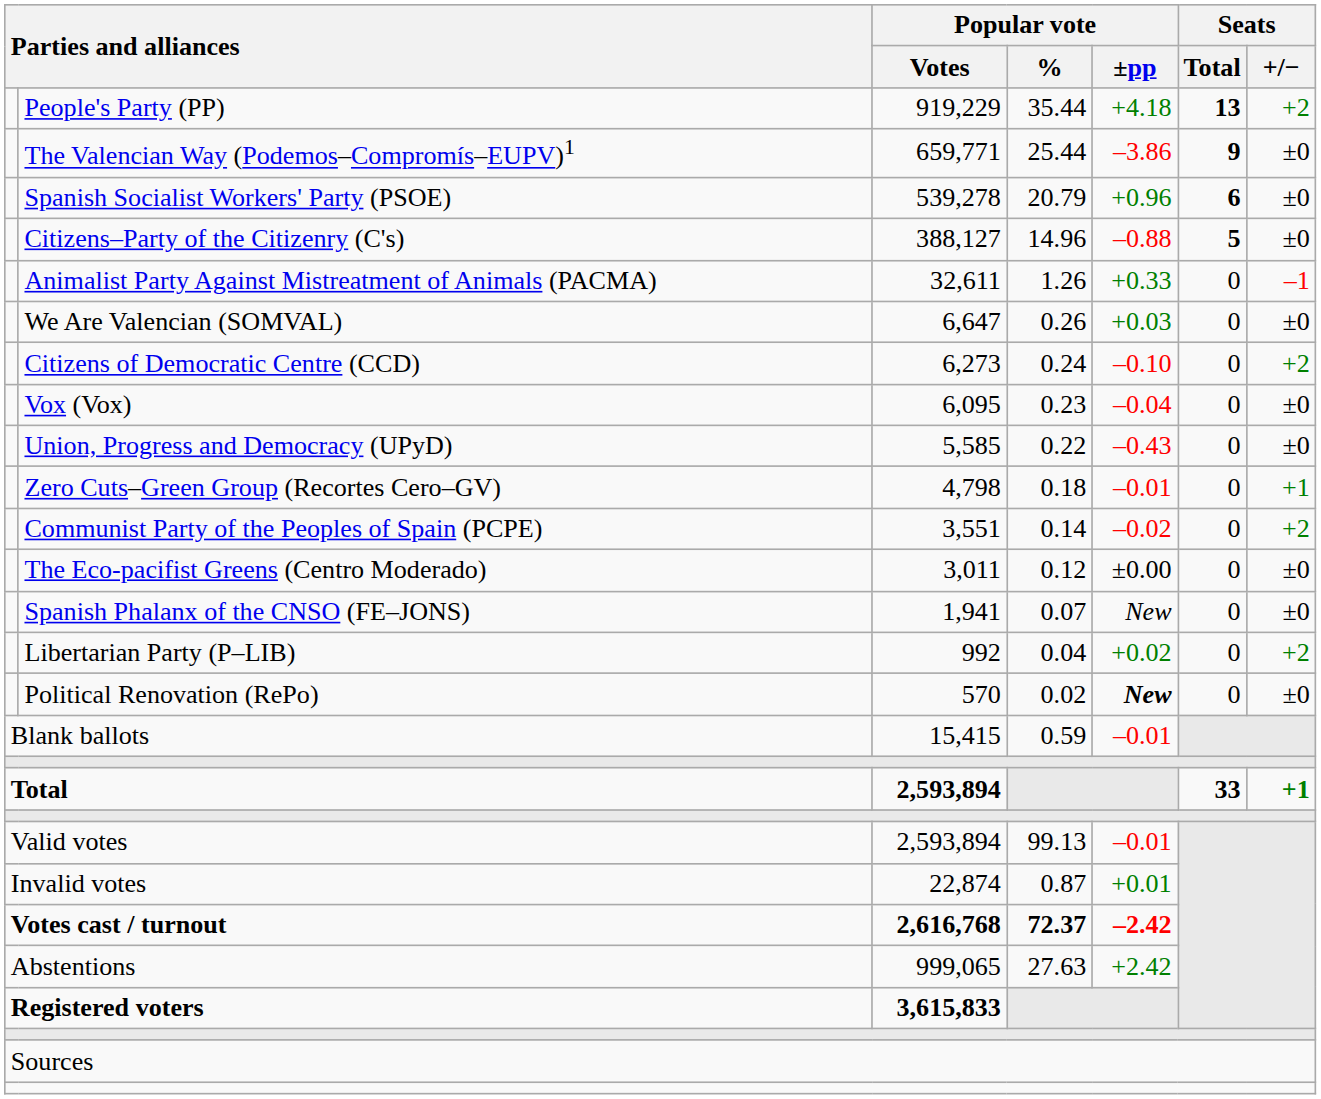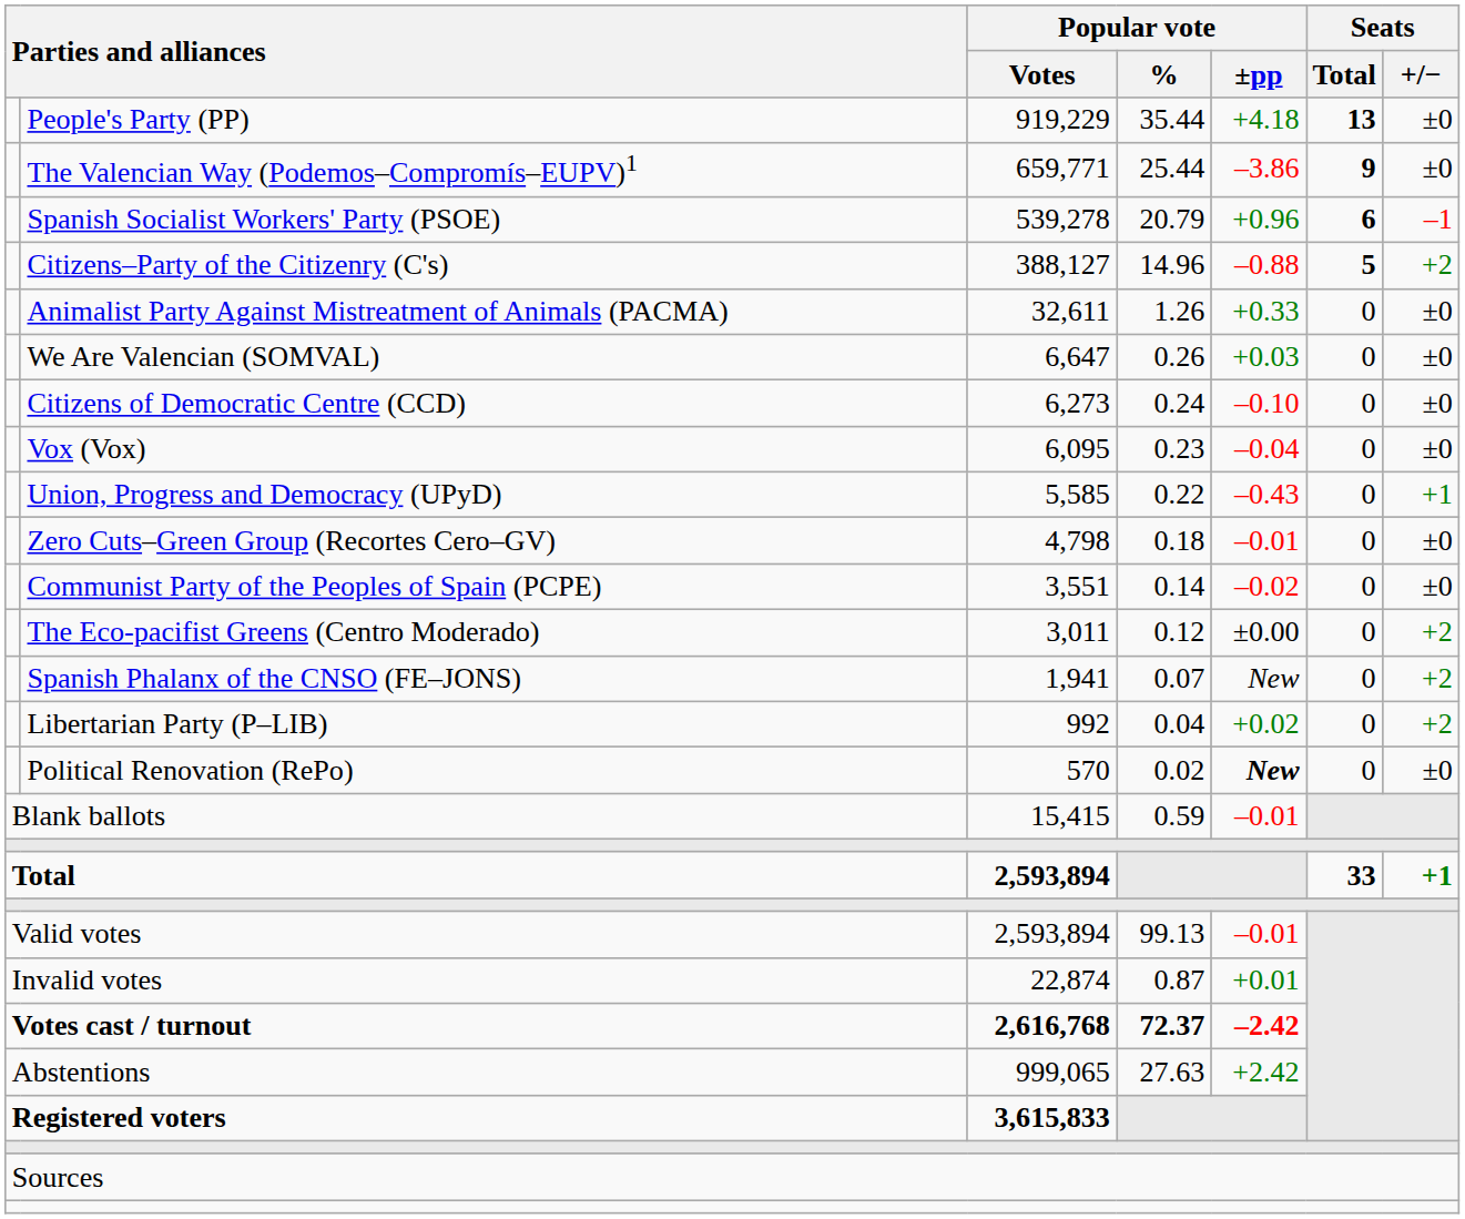 <table class="wikitable" style="text-align:right;">
 <tr>
 <th style="text-align:left;" rowspan="2" colspan="2" width="525">Parties and alliances</th>
 <th colspan="3">Popular vote</th>
 <th colspan="2">Seats</th>
 </tr>
 <tr>
 <th width="75">Votes</th>
 <th width="45">%</th>
 <th width="45">±<a href='#'>pp</a></th>
 <th width="35">Total</th>
 <th width="35">+/−</th>
 </tr>
 <tr>
 <td width="1" style="color:inherit;background:"></td>
 <td align="left"><a href='#'>People's Party</a> (PP)</td>
 <td>919,229</td>
 <td>35.44</td>
 <td style="color:green;">+4.18</td>
 <td><strong>13</strong></td>
-<td style="color:green;">+2</td>
+<td>±0</td>
 </tr>
 <tr>
 <td style="color:inherit;background:"></td>
 <td align="left"><a href='#'>The Valencian Way</a> (<a href='#'>Podemos</a>–<a href='#'>Compromís</a>–<a href='#'>EUPV</a>)<sup>1</sup></td>
 <td>659,771</td>
 <td>25.44</td>
 <td style="color:red;">–3.86</td>
 <td><strong>9</strong></td>
 <td>±0</td>
 </tr>
 <tr>
 <td style="color:inherit;background:"></td>
 <td align="left"><a href='#'>Spanish Socialist Workers' Party</a> (PSOE)</td>
 <td>539,278</td>
 <td>20.79</td>
 <td style="color:green;">+0.96</td>
 <td><strong>6</strong></td>
-<td>±0</td>
+<td style="color:red;">–1</td>
 </tr>
 <tr>
 <td style="color:inherit;background:"></td>
 <td align="left"><a href='#'>Citizens–Party of the Citizenry</a> (C's)</td>
 <td>388,127</td>
 <td>14.96</td>
 <td style="color:red;">–0.88</td>
 <td><strong>5</strong></td>
-<td>±0</td>
+<td style="color:green;">+2</td>
 </tr>
 <tr>
 <td style="color:inherit;background:"></td>
 <td align="left"><a href='#'>Animalist Party Against Mistreatment of Animals</a> (PACMA)</td>
 <td>32,611</td>
 <td>1.26</td>
 <td style="color:green;">+0.33</td>
 <td>0</td>
-<td style="color:red;">–1</td>
+<td>±0</td>
 </tr>
 <tr>
 <td style="color:inherit;background:"></td>
 <td align="left">We Are Valencian (SOMVAL)</td>
 <td>6,647</td>
 <td>0.26</td>
 <td style="color:green;">+0.03</td>
 <td>0</td>
 <td>±0</td>
 </tr>
 <tr>
 <td style="color:inherit;background:"></td>
 <td align="left"><a href='#'>Citizens of Democratic Centre</a> (CCD)</td>
 <td>6,273</td>
 <td>0.24</td>
 <td style="color:red;">–0.10</td>
 <td>0</td>
-<td style="color:green;">+2</td>
+<td>±0</td>
 </tr>
 <tr>
 <td style="color:inherit;background:"></td>
 <td align="left"><a href='#'>Vox</a> (Vox)</td>
 <td>6,095</td>
 <td>0.23</td>
 <td style="color:red;">–0.04</td>
 <td>0</td>
 <td>±0</td>
 </tr>
 <tr>
 <td style="color:inherit;background:"></td>
 <td align="left"><a href='#'>Union, Progress and Democracy</a> (UPyD)</td>
 <td>5,585</td>
 <td>0.22</td>
 <td style="color:red;">–0.43</td>
 <td>0</td>
-<td>±0</td>
+<td style="color:green;">+1</td>
 </tr>
 <tr>
 <td style="color:inherit;background:"></td>
 <td align="left"><a href='#'>Zero Cuts</a>–<a href='#'>Green Group</a> (Recortes Cero–GV)</td>
 <td>4,798</td>
 <td>0.18</td>
 <td style="color:red;">–0.01</td>
 <td>0</td>
-<td style="color:green;">+1</td>
+<td>±0</td>
 </tr>
 <tr>
 <td style="color:inherit;background:"></td>
 <td align="left"><a href='#'>Communist Party of the Peoples of Spain</a> (PCPE)</td>
 <td>3,551</td>
 <td>0.14</td>
 <td style="color:red;">–0.02</td>
 <td>0</td>
-<td style="color:green;">+2</td>
+<td>±0</td>
 </tr>
 <tr>
 <td style="color:inherit;background:"></td>
 <td align="left"><a href='#'>The Eco-pacifist Greens</a> (Centro Moderado)</td>
 <td>3,011</td>
 <td>0.12</td>
 <td>±0.00</td>
 <td>0</td>
-<td>±0</td>
+<td style="color:green;">+2</td>
 </tr>
 <tr>
 <td style="color:inherit;background:"></td>
 <td align="left"><a href='#'>Spanish Phalanx of the CNSO</a> (FE–JONS)</td>
 <td>1,941</td>
 <td>0.07</td>
 <td><em>New</em></td>
 <td>0</td>
-<td>±0</td>
+<td style="color:green;">+2</td>
 </tr>
 <tr>
 <td style="color:inherit;background:"></td>
 <td align="left">Libertarian Party (P–LIB)</td>
 <td>992</td>
 <td>0.04</td>
 <td style="color:green;">+0.02</td>
 <td>0</td>
 <td style="color:green;">+2</td>
 </tr>
 <tr>
 <td style="color:inherit;background:"></td>
 <td align="left">Political Renovation (RePo)</td>
 <td>570</td>
 <td>0.02</td>
 <td><strong><em>New</em></strong></td>
 <td>0</td>
 <td>±0</td>
 </tr>
 <tr>
 <td align="left" colspan="2">Blank ballots</td>
 <td>15,415</td>
 <td>0.59</td>
 <td style="color:red;">–0.01</td>
 <td bgcolor="#E9E9E9" colspan="2"></td>
 </tr>
 <tr>
 <td colspan="7" bgcolor="#E9E9E9"></td>
 </tr>
 <tr style="font-weight:bold;">
 <td align="left" colspan="2">Total</td>
 <td>2,593,894</td>
 <td bgcolor="#E9E9E9" colspan="2"></td>
 <td>33</td>
 <td style="color:green;">+1</td>
 </tr>
 <tr>
 <td colspan="7" bgcolor="#E9E9E9"></td>
 </tr>
 <tr>
 <td align="left" colspan="2">Valid votes</td>
 <td>2,593,894</td>
 <td>99.13</td>
 <td style="color:red;">–0.01</td>
 <td bgcolor="#E9E9E9" colspan="2" rowspan="5"></td>
 </tr>
 <tr>
 <td align="left" colspan="2">Invalid votes</td>
 <td>22,874</td>
 <td>0.87</td>
 <td style="color:green;">+0.01</td>
 </tr>
 <tr style="font-weight:bold;">
 <td align="left" colspan="2">Votes cast / turnout</td>
 <td>2,616,768</td>
 <td>72.37</td>
 <td style="color:red;">–2.42</td>
 </tr>
 <tr>
 <td align="left" colspan="2">Abstentions</td>
 <td>999,065</td>
 <td>27.63</td>
 <td style="color:green;">+2.42</td>
 </tr>
 <tr style="font-weight:bold;">
 <td align="left" colspan="2">Registered voters</td>
 <td>3,615,833</td>
 <td bgcolor="#E9E9E9" colspan="2"></td>
 </tr>
 <tr>
 <td colspan="7" bgcolor="#E9E9E9"></td>
 </tr>
 <tr>
 <td align="left" colspan="7">Sources</td>
 </tr>
 <tr>
 <td colspan="7" style="text-align:left; max-width:790px;"></td>
 </tr>
 </table>
